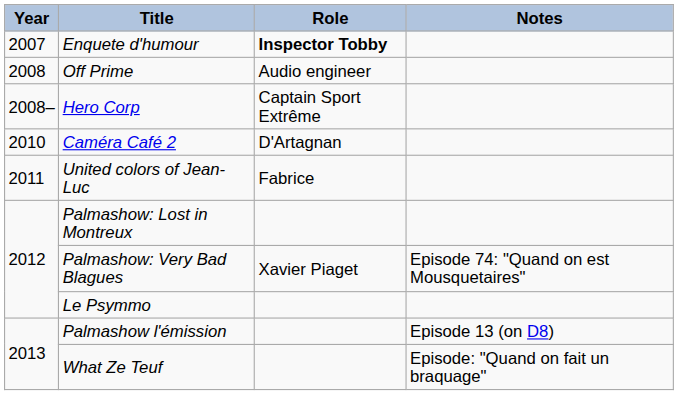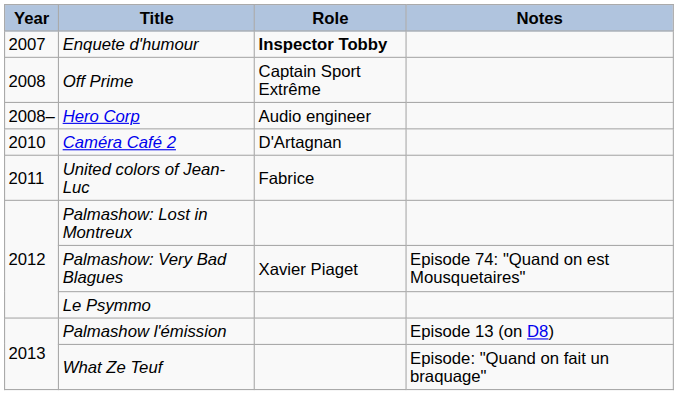 <table class="wikitable" style="font-size: 95%;">
 <tr>
 <th style="background:#B0C4DE;">Year</th>
 <th style="background:#B0C4DE;">Title</th>
 <th style="background:#B0C4DE;">Role</th>
 <th style="background:#B0C4DE;">Notes</th>
 </tr>
 <tr>
 <td>2007</td>
 <td><em>Enquete d'humour</em></td>
 <td><strong>Inspector Tobby</strong></td>
 <td></td>
 </tr>
 <tr>
 <td>2008</td>
 <td><em>Off Prime</em></td>
-<td>Audio engineer</td>
+<td>Captain Sport Extrême</td>
 <td></td>
 </tr>
 <tr>
 <td>2008–</td>
 <td><em><a href='#'>Hero Corp</a></em></td>
-<td>Captain Sport Extrême</td>
+<td>Audio engineer</td>
 <td></td>
 </tr>
 <tr>
 <td>2010</td>
 <td><em><a href='#'>Caméra Café 2</a></em></td>
 <td>D'Artagnan</td>
 <td></td>
 </tr>
 <tr>
 <td>2011</td>
 <td><em>United colors of Jean-Luc</em></td>
 <td>Fabrice</td>
 <td></td>
 </tr>
 <tr>
 <td rowspan="3">2012</td>
 <td><em>Palmashow: Lost in Montreux</em></td>
 <td></td>
 <td></td>
 </tr>
 <tr>
 <td><em>Palmashow: Very Bad Blagues</em></td>
 <td>Xavier Piaget</td>
 <td>Episode 74: "Quand on est Mousquetaires"</td>
 </tr>
 <tr>
 <td><em>Le Psymmo</em></td>
 <td></td>
 <td></td>
 </tr>
 <tr>
 <td rowspan="2">2013</td>
 <td><em>Palmashow l'émission</em></td>
 <td></td>
 <td>Episode 13 (on <a href='#'>D8</a>)</td>
 </tr>
 <tr>
 <td><em>What Ze Teuf</em></td>
 <td></td>
 <td>Episode: "Quand on fait un braquage"</td>
 </tr>
 </table>
